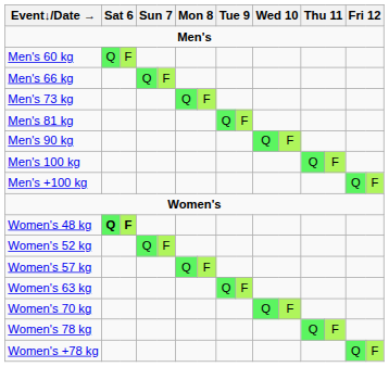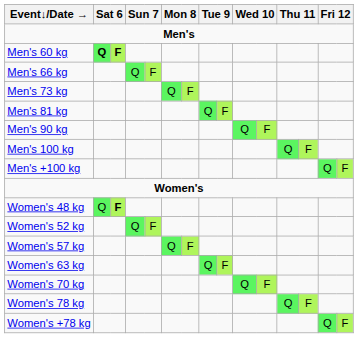 <table class="wikitable" style="margin:0.5em auto; font-size:90%; line-height:1.25em; text-align:center;">
 <tr>
 <th>Event↓/Date →</th>
 <th colspan=2>Sat 6</th>
 <th colspan=2>Sun 7</th>
 <th colspan=2>Mon 8</th>
 <th colspan=2>Tue 9</th>
 <th colspan=2>Wed 10</th>
 <th colspan=2>Thu 11</th>
 <th colspan=2>Fri 12</th>
 </tr>
 <tr>
 <td colspan="15"><strong>Men's</strong></td>
 </tr>
 <tr>
 <td style="text-align:left;"><a href='#'>Men's 60 kg</a></td>
-<td style="background-color:#5BF560;">Q</td>
-<td style="background-color:#AFF55B;">F</td>
+<td style="background-color:#5BF560;"><strong>Q</strong></td>
+<td style="background-color:#AFF55B;"><strong>F</strong></td>
 <td colspan=2></td>
 <td colspan=2></td>
 <td colspan=2></td>
 <td colspan=2></td>
 <td colspan=2></td>
 <td colspan=2></td>
 </tr>
 <tr>
 <td style="text-align:left;"><a href='#'>Men's 66 kg</a></td>
 <td colspan=2></td>
 <td style="background-color:#5BF560;">Q</td>
 <td style="background-color:#AFF55B;">F</td>
 <td colspan=2></td>
 <td colspan=2></td>
 <td colspan=2></td>
 <td colspan=2></td>
 <td colspan=2></td>
 </tr>
 <tr>
 <td style="text-align:left;"><a href='#'>Men's 73 kg</a></td>
 <td colspan=2></td>
 <td colspan=2></td>
 <td style="background-color:#5BF560;">Q</td>
 <td style="background-color:#AFF55B;">F</td>
 <td colspan=2></td>
 <td colspan=2></td>
 <td colspan=2></td>
 <td colspan=2></td>
 </tr>
 <tr>
 <td style="text-align:left;"><a href='#'>Men's 81 kg</a></td>
 <td colspan=2></td>
 <td colspan=2></td>
 <td colspan=2></td>
 <td style="background-color:#5BF560;">Q</td>
 <td style="background-color:#AFF55B;">F</td>
 <td colspan=2></td>
 <td colspan=2></td>
 <td colspan=2></td>
 </tr>
 <tr>
 <td style="text-align:left;"><a href='#'>Men's 90 kg</a></td>
 <td colspan=2></td>
 <td colspan=2></td>
 <td colspan=2></td>
 <td colspan=2></td>
 <td style="background-color:#5BF560;">Q</td>
 <td style="background-color:#AFF55B;">F</td>
 <td colspan=2></td>
 <td colspan=2></td>
 </tr>
 <tr>
 <td style="text-align:left;"><a href='#'>Men's 100 kg</a></td>
 <td colspan=2></td>
 <td colspan=2></td>
 <td colspan=2></td>
 <td colspan=2></td>
 <td colspan=2></td>
 <td style="background-color:#5BF560;">Q</td>
 <td style="background-color:#AFF55B;">F</td>
 <td colspan=2></td>
 </tr>
 <tr>
 <td style="text-align:left;"><a href='#'>Men's +100 kg</a></td>
 <td colspan=2></td>
 <td colspan=2></td>
 <td colspan=2></td>
 <td colspan=2></td>
 <td colspan=2></td>
 <td colspan=2></td>
 <td style="background-color:#5BF560;">Q</td>
 <td style="background-color:#AFF55B;">F</td>
 </tr>
 <tr>
 <td colspan="15"><strong>Women's</strong></td>
 </tr>
 <tr>
 <td style="text-align:left;"><a href='#'>Women's 48 kg</a></td>
-<td style="background-color:#5BF560;"><strong>Q</strong></td>
+<td style="background-color:#5BF560;">Q</td>
 <td style="background-color:#AFF55B;"><strong>F</strong></td>
 <td colspan=2></td>
 <td colspan=2></td>
 <td colspan=2></td>
 <td colspan=2></td>
 <td colspan=2></td>
 <td colspan=2></td>
 </tr>
 <tr>
 <td style="text-align:left;"><a href='#'>Women's 52 kg</a></td>
 <td colspan=2></td>
 <td style="background-color:#5BF560;">Q</td>
 <td style="background-color:#AFF55B;">F</td>
 <td colspan=2></td>
 <td colspan=2></td>
 <td colspan=2></td>
 <td colspan=2></td>
 <td colspan=2></td>
 </tr>
 <tr>
 <td style="text-align:left;"><a href='#'>Women's 57 kg</a></td>
 <td colspan=2></td>
 <td colspan=2></td>
 <td style="background-color:#5BF560;">Q</td>
 <td style="background-color:#AFF55B;">F</td>
 <td colspan=2></td>
 <td colspan=2></td>
 <td colspan=2></td>
 <td colspan=2></td>
 </tr>
 <tr>
 <td style="text-align:left;"><a href='#'>Women's 63 kg</a></td>
 <td colspan=2></td>
 <td colspan=2></td>
 <td colspan=2></td>
 <td style="background-color:#5BF560;">Q</td>
 <td style="background-color:#AFF55B;">F</td>
 <td colspan=2></td>
 <td colspan=2></td>
 <td colspan=2></td>
 </tr>
 <tr>
 <td style="text-align:left;"><a href='#'>Women's 70 kg</a></td>
 <td colspan=2></td>
 <td colspan=2></td>
 <td colspan=2></td>
 <td colspan=2></td>
 <td style="background-color:#5BF560;">Q</td>
 <td style="background-color:#AFF55B;">F</td>
 <td colspan=2></td>
 <td colspan=2></td>
 </tr>
 <tr>
 <td style="text-align:left;"><a href='#'>Women's 78 kg</a></td>
 <td colspan=2></td>
 <td colspan=2></td>
 <td colspan=2></td>
 <td colspan=2></td>
 <td colspan=2></td>
 <td style="background-color:#5BF560;">Q</td>
 <td style="background-color:#AFF55B;">F</td>
 <td colspan=2></td>
 </tr>
 <tr>
 <td style="text-align:left;"><a href='#'>Women's +78 kg</a></td>
 <td colspan=2></td>
 <td colspan=2></td>
 <td colspan=2></td>
 <td colspan=2></td>
 <td colspan=2></td>
 <td colspan=2></td>
 <td style="background-color:#5BF560;">Q</td>
 <td style="background-color:#AFF55B;">F</td>
 </tr>
 </table>
